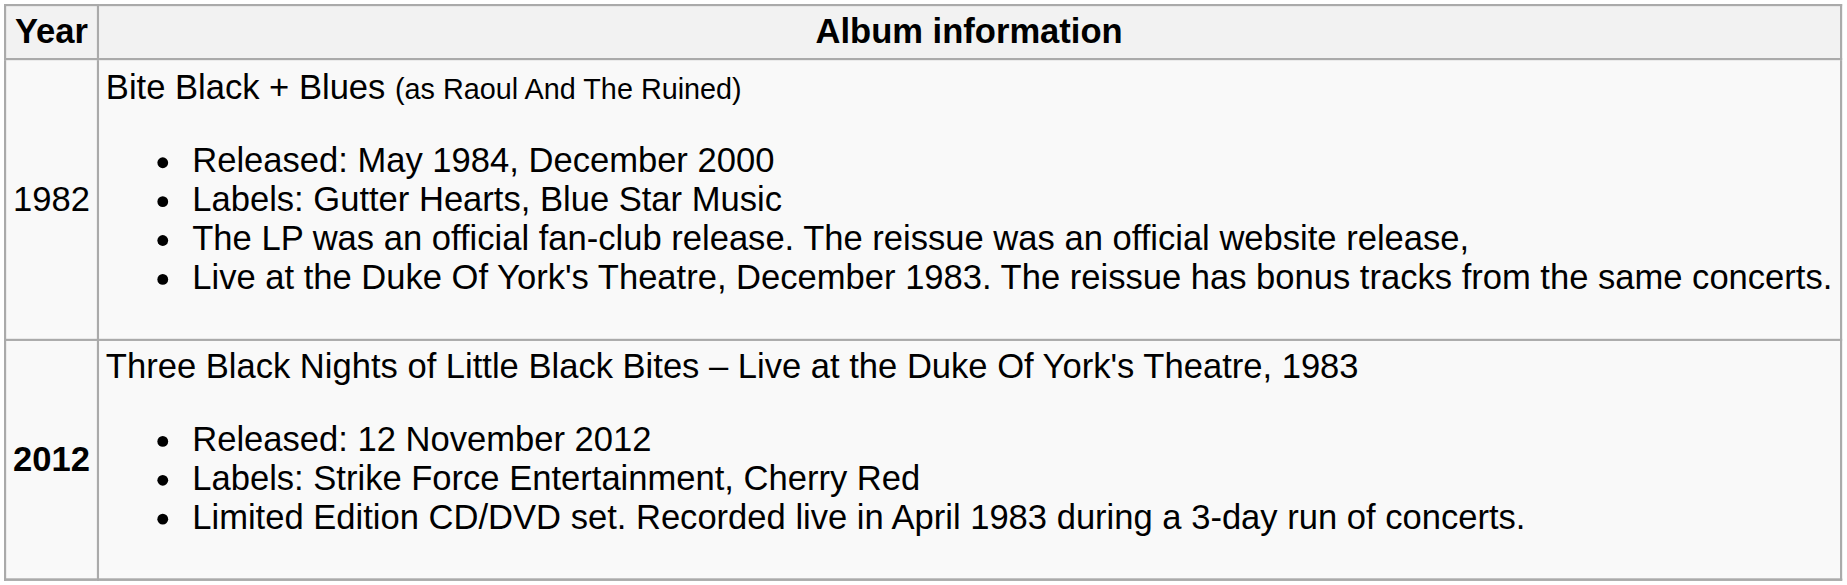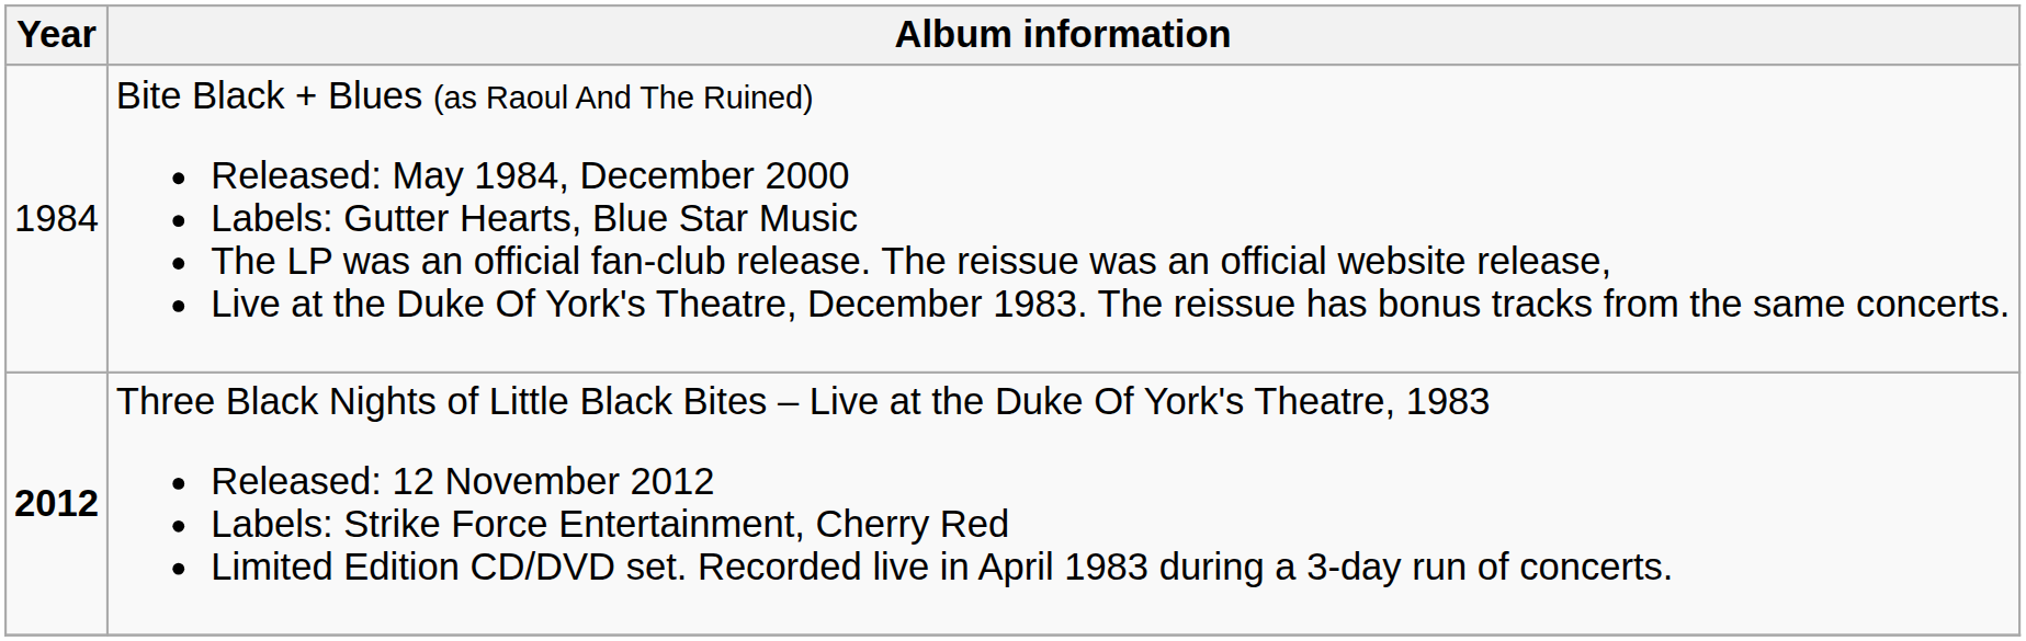 <table class="wikitable" style=text-align:center;>
 <tr>
 <th>Year</th>
 <th>Album information</th>
 </tr>
 <tr>
-<td>1982</td>
+<td>1984</td>
 <td align=left>Bite Black + Blues <small>(as Raoul And The Ruined)</small><br><ul><li>Released: May 1984, December 2000</li><li>Labels: Gutter Hearts, Blue Star Music</li><li>The LP was an official fan-club release. The reissue was an official website release,</li><li>Live at the Duke Of York's Theatre, December 1983. The reissue has bonus tracks from the same concerts.</li></ul></td>
 </tr>
 <tr>
 <td><strong>2012</strong></td>
 <td align=left>Three Black Nights of Little Black Bites – Live at the Duke Of York's Theatre, 1983<br><ul><li>Released: 12 November 2012</li><li>Labels: Strike Force Entertainment, Cherry Red</li><li>Limited Edition CD/DVD set. Recorded live in April 1983 during a 3-day run of concerts.</li></ul></td>
 </tr>
 <tr>
 </tr>
 </table>
